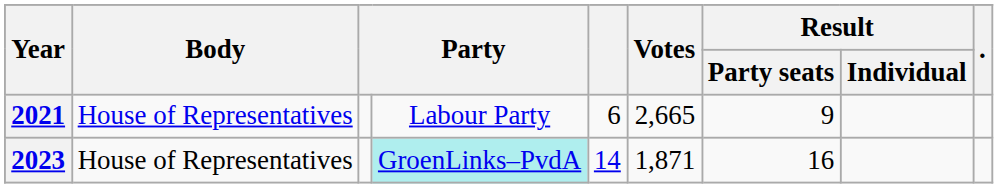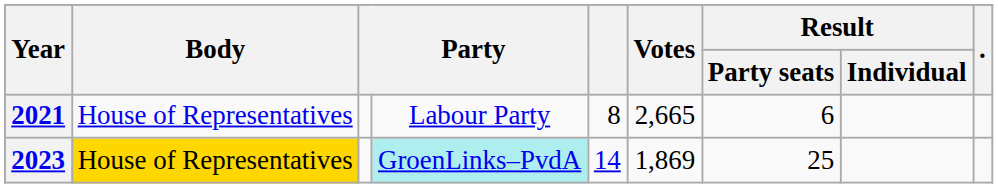 <table class="wikitable plainrowheaders sortable" border=2 cellpadding=4 cellspacing=0 style="border: 1px #aaa solid; font-size: 90%; text-align:center;">
 <tr>
 <th scope="col" rowspan=2>Year</th>
 <th scope="col" rowspan=2>Body</th>
 <th scope="col" colspan=2 rowspan=2>Party</th>
 <th scope="col" rowspan=2></th>
 <th scope="col" rowspan=2>Votes</th>
 <th scope="colgroup" colspan=2>Result</th>
 <th scope="col" rowspan=2 class="unsortable">.</th>
 </tr>
 <tr>
 <th scope="col">Party seats</th>
 <th scope="col">Individual</th>
 </tr>
 <tr>
 <th scope="row"><a href='#'>2021</a></th>
 <td><a href='#'>House of Representatives</a></td>
 <td style="background-color:"></td>
 <td><a href='#'>Labour Party</a></td>
+<td style=text-align:right>8</td>
+<td style=text-align:right>2,665</td>
 <td style=text-align:right>6</td>
-<td style=text-align:right>2,665</td>
-<td style=text-align:right>9</td>
 <td></td>
 <td></td>
 </tr>
 <tr>
 <th scope="row"><a href='#'>2023</a></th>
-<td>House of Representatives</td>
+<td style="background: gold;">House of Representatives</td>
 <td style="background-color:"></td>
 <td style="background: paleturquoise;"><a href='#'>GroenLinks–PvdA</a></td>
 <td style=text-align:right><a href='#'>14</a></td>
-<td style=text-align:right>1,871</td>
-<td style=text-align:right>16</td>
+<td style=text-align:right>1,869</td>
+<td style=text-align:right>25</td>
 <td></td>
 <td></td>
 </tr>
 </table>
